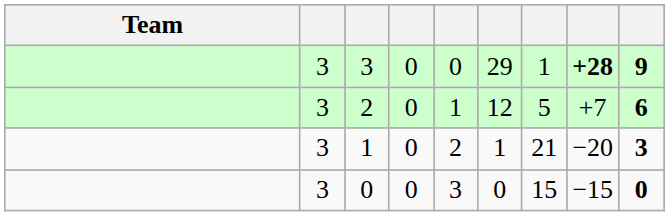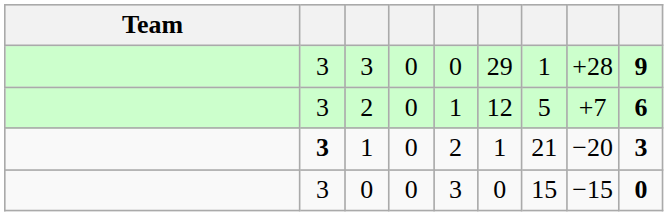 <table class="wikitable" style="text-align: center;">
 <tr>
 <th width="175">Team</th>
 <th width="20"></th>
 <th width="20"></th>
 <th width="20"></th>
 <th width="20"></th>
 <th width="20"></th>
 <th width="20"></th>
 <th width="20"></th>
 <th width="20"></th>
 </tr>
 <tr bgcolor=ccffcc>
 <td align=left></td>
 <td>3</td>
 <td>3</td>
 <td>0</td>
 <td>0</td>
 <td>29</td>
 <td>1</td>
-<td><strong>+28</strong></td>
+<td>+28</td>
 <td><strong>9</strong></td>
 </tr>
 <tr bgcolor=ccffcc>
 <td align=left></td>
 <td>3</td>
 <td>2</td>
 <td>0</td>
 <td>1</td>
 <td>12</td>
 <td>5</td>
 <td>+7</td>
 <td><strong>6</strong></td>
 </tr>
 <tr bgcolor=>
 <td align=left></td>
-<td>3</td>
+<td><strong>3</strong></td>
 <td>1</td>
 <td>0</td>
 <td>2</td>
 <td>1</td>
 <td>21</td>
 <td>−20</td>
 <td><strong>3</strong></td>
 </tr>
 <tr bgcolor=>
 <td align=left><em></em></td>
 <td>3</td>
 <td>0</td>
 <td>0</td>
 <td>3</td>
 <td>0</td>
 <td>15</td>
 <td>−15</td>
 <td><strong>0</strong></td>
 </tr>
 </table>
